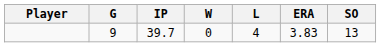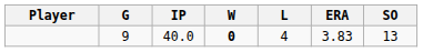 <table class="wikitable sortable">
 <tr>
 <th bgcolor="#DDDDFF" width="16%">Player</th>
 <th bgcolor="#DDDDFF" width="9%">G</th>
 <th bgcolor="#DDDDFF" width="9%">IP</th>
 <th bgcolor="#DDDDFF" width="9%">W</th>
 <th bgcolor="#DDDDFF" width="9%">L</th>
 <th bgcolor="#DDDDFF" width="9%">ERA</th>
 <th bgcolor="#DDDDFF" width="9%">SO</th>
 </tr>
 <tr align="center">
 <td></td>
 <td>9</td>
-<td>39.7</td>
-<td>0</td>
+<td>40.0</td>
+<td><strong>0</strong></td>
 <td>4</td>
 <td>3.83</td>
 <td>13</td>
 </tr>
 </table>
